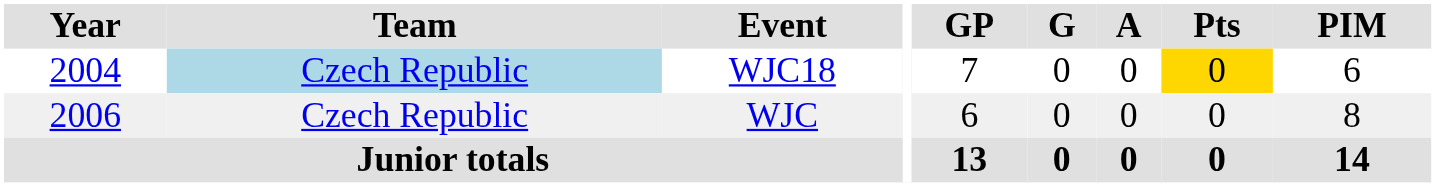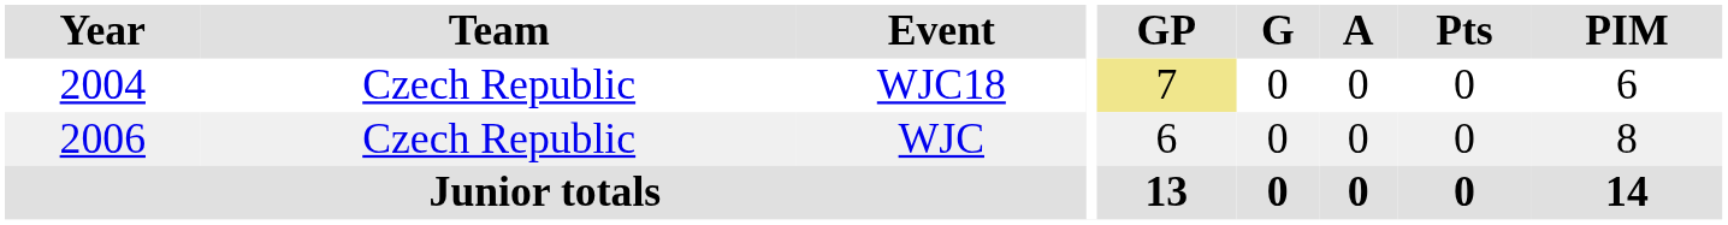 <table border="0" cellpadding="1" cellspacing="0" ID="Table3" style="text-align:center; width:40em">
 <tr ALIGN="center" bgcolor="#e0e0e0">
 <th>Year</th>
 <th>Team</th>
 <th>Event</th>
 <th rowspan="99" bgcolor="#ffffff"></th>
 <th>GP</th>
 <th>G</th>
 <th>A</th>
 <th>Pts</th>
 <th>PIM</th>
 </tr>
 <tr>
 <td><a href='#'>2004</a></td>
-<td style="background: lightblue;"><a href='#'>Czech Republic</a></td>
+<td><a href='#'>Czech Republic</a></td>
 <td><a href='#'>WJC18</a></td>
-<td>7</td>
+<td style="background: khaki;">7</td>
 <td>0</td>
 <td>0</td>
-<td style="background: gold;">0</td>
+<td>0</td>
 <td>6</td>
 </tr>
 <tr bgcolor="#f0f0f0">
 <td><a href='#'>2006</a></td>
 <td><a href='#'>Czech Republic</a></td>
 <td><a href='#'>WJC</a></td>
 <td>6</td>
 <td>0</td>
 <td>0</td>
 <td>0</td>
 <td>8</td>
 </tr>
 <tr bgcolor="#e0e0e0">
 <th colspan="3">Junior totals</th>
 <th>13</th>
 <th>0</th>
 <th>0</th>
 <th>0</th>
 <th>14</th>
 </tr>
 </table>
